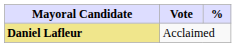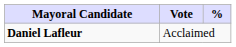 <table class="wikitable">
 <tr>
 <th style="background:#ddf; width:200px;">Mayoral Candidate</th>
 <th style="background:#ddf; width:50px;">Vote</th>
 <th style="background:#ddf; width:30px;">%</th>
 </tr>
 <tr>
-<td style="background: khaki;"><strong>Daniel Lafleur</strong></td>
+<td><strong>Daniel Lafleur</strong></td>
 <td colspan="2">Acclaimed</td>
 </tr>
 </table>
